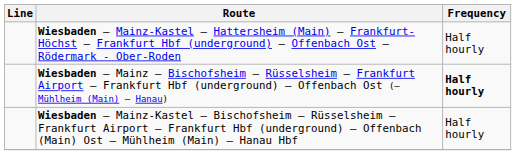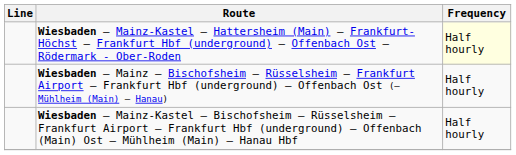 <table class="wikitable">
 <tr>
 <th>Line</th>
 <th>Route</th>
 <th>Frequency</th>
 </tr>
 <tr>
 <td></td>
 <td><strong>Wiesbaden</strong> – <a href='#'>Mainz-Kastel</a> – <a href='#'>Hattersheim (Main)</a> – <a href='#'>Frankfurt-Höchst</a> – <a href='#'>Frankfurt Hbf (underground)</a> – <a href='#'>Offenbach Ost</a> – <a href='#'>Rödermark - Ober-Roden</a></td>
-<td>Half hourly</td>
+<td style="background: lightyellow;">Half hourly</td>
 </tr>
 <tr>
 <td></td>
 <td><strong>Wiesbaden</strong> – Mainz – <a href='#'>Bischofsheim</a> – <a href='#'>Rüsselsheim</a> – <a href='#'>Frankfurt Airport</a> – Frankfurt Hbf (underground) – Offenbach Ost <small>(– <a href='#'>Mühlheim (Main)</a> – <a href='#'>Hanau</a>)</small></td>
-<td><strong>Half hourly</strong></td>
+<td>Half hourly</td>
 </tr>
 <tr>
 <td></td>
 <td><strong>Wiesbaden</strong> – Mainz-Kastel – Bischofsheim – Rüsselsheim – Frankfurt Airport – Frankfurt Hbf (underground) – Offenbach (Main) Ost – Mühlheim (Main) – Hanau Hbf</td>
 <td>Half hourly</td>
 </tr>
 <tr>
 </tr>
 </table>
